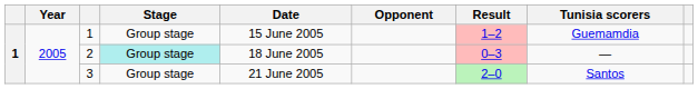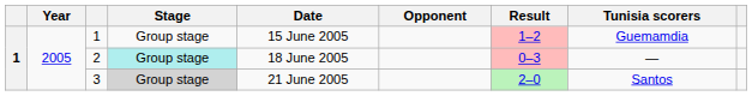 <table class="wikitable alternance" style="font-size:99%; text-align:center; line-height:; width:100%">
 <tr>
 <th></th>
 <th>Year</th>
 <th></th>
 <th>Stage</th>
 <th>Date</th>
 <th>Opponent</th>
 <th>Result</th>
 <th>Tunisia scorers</th>
 <th></th>
 </tr>
 <tr>
 <th rowspan="3">1</th>
 <td rowspan="3"> <a href='#'>2005</a></td>
 <td>1</td>
 <td>Group stage</td>
 <td>15 June 2005</td>
 <td align="left"></td>
 <td bgcolor="#ffbbbb" align="center"><a href='#'>1–2</a></td>
 <td><a href='#'>Guemamdia</a> </td>
 <td></td>
 </tr>
 <tr>
 <td>2</td>
 <td style="background: paleturquoise;">Group stage</td>
 <td>18 June 2005</td>
 <td align="left"></td>
 <td bgcolor="#ffbbbb" align="center"><a href='#'>0–3</a></td>
 <td>—</td>
 <td></td>
 </tr>
 <tr>
 <td>3</td>
-<td>Group stage</td>
+<td style="background: lightgrey;">Group stage</td>
 <td>21 June 2005</td>
 <td align="left"></td>
 <td bgcolor="#bbf3bb" align="center"><a href='#'>2–0</a></td>
 <td><a href='#'>Santos</a> </td>
 <td></td>
 </tr>
 </table>
